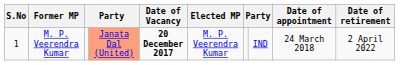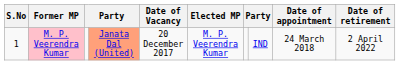 <table class="wikitable sortable">
 <tr>
 <th>S.No</th>
 <th>Former MP</th>
 <th colspan=2>Party</th>
 <th>Date of Vacancy</th>
 <th>Elected MP</th>
 <th colspan=2>Party</th>
 <th>Date of appointment</th>
 <th>Date of retirement</th>
 </tr>
 <tr style="text-align:center;">
 <td>1</td>
-<td><a href='#'>M. P. Veerendra Kumar</a></td>
+<td style="background: pink;"><a href='#'>M. P. Veerendra Kumar</a></td>
 <td width="1"></td>
 <td style="background: lightsalmon;"><a href='#'>Janata Dal (United)</a></td>
-<td><strong>20 December 2017</strong></td>
+<td>20 December 2017</td>
 <td><a href='#'>M. P. Veerendra Kumar</a></td>
 <td width="1px"></td>
 <td><a href='#'>IND</a></td>
 <td>24 March 2018</td>
 <td>2 April 2022</td>
 </tr>
 </table>
